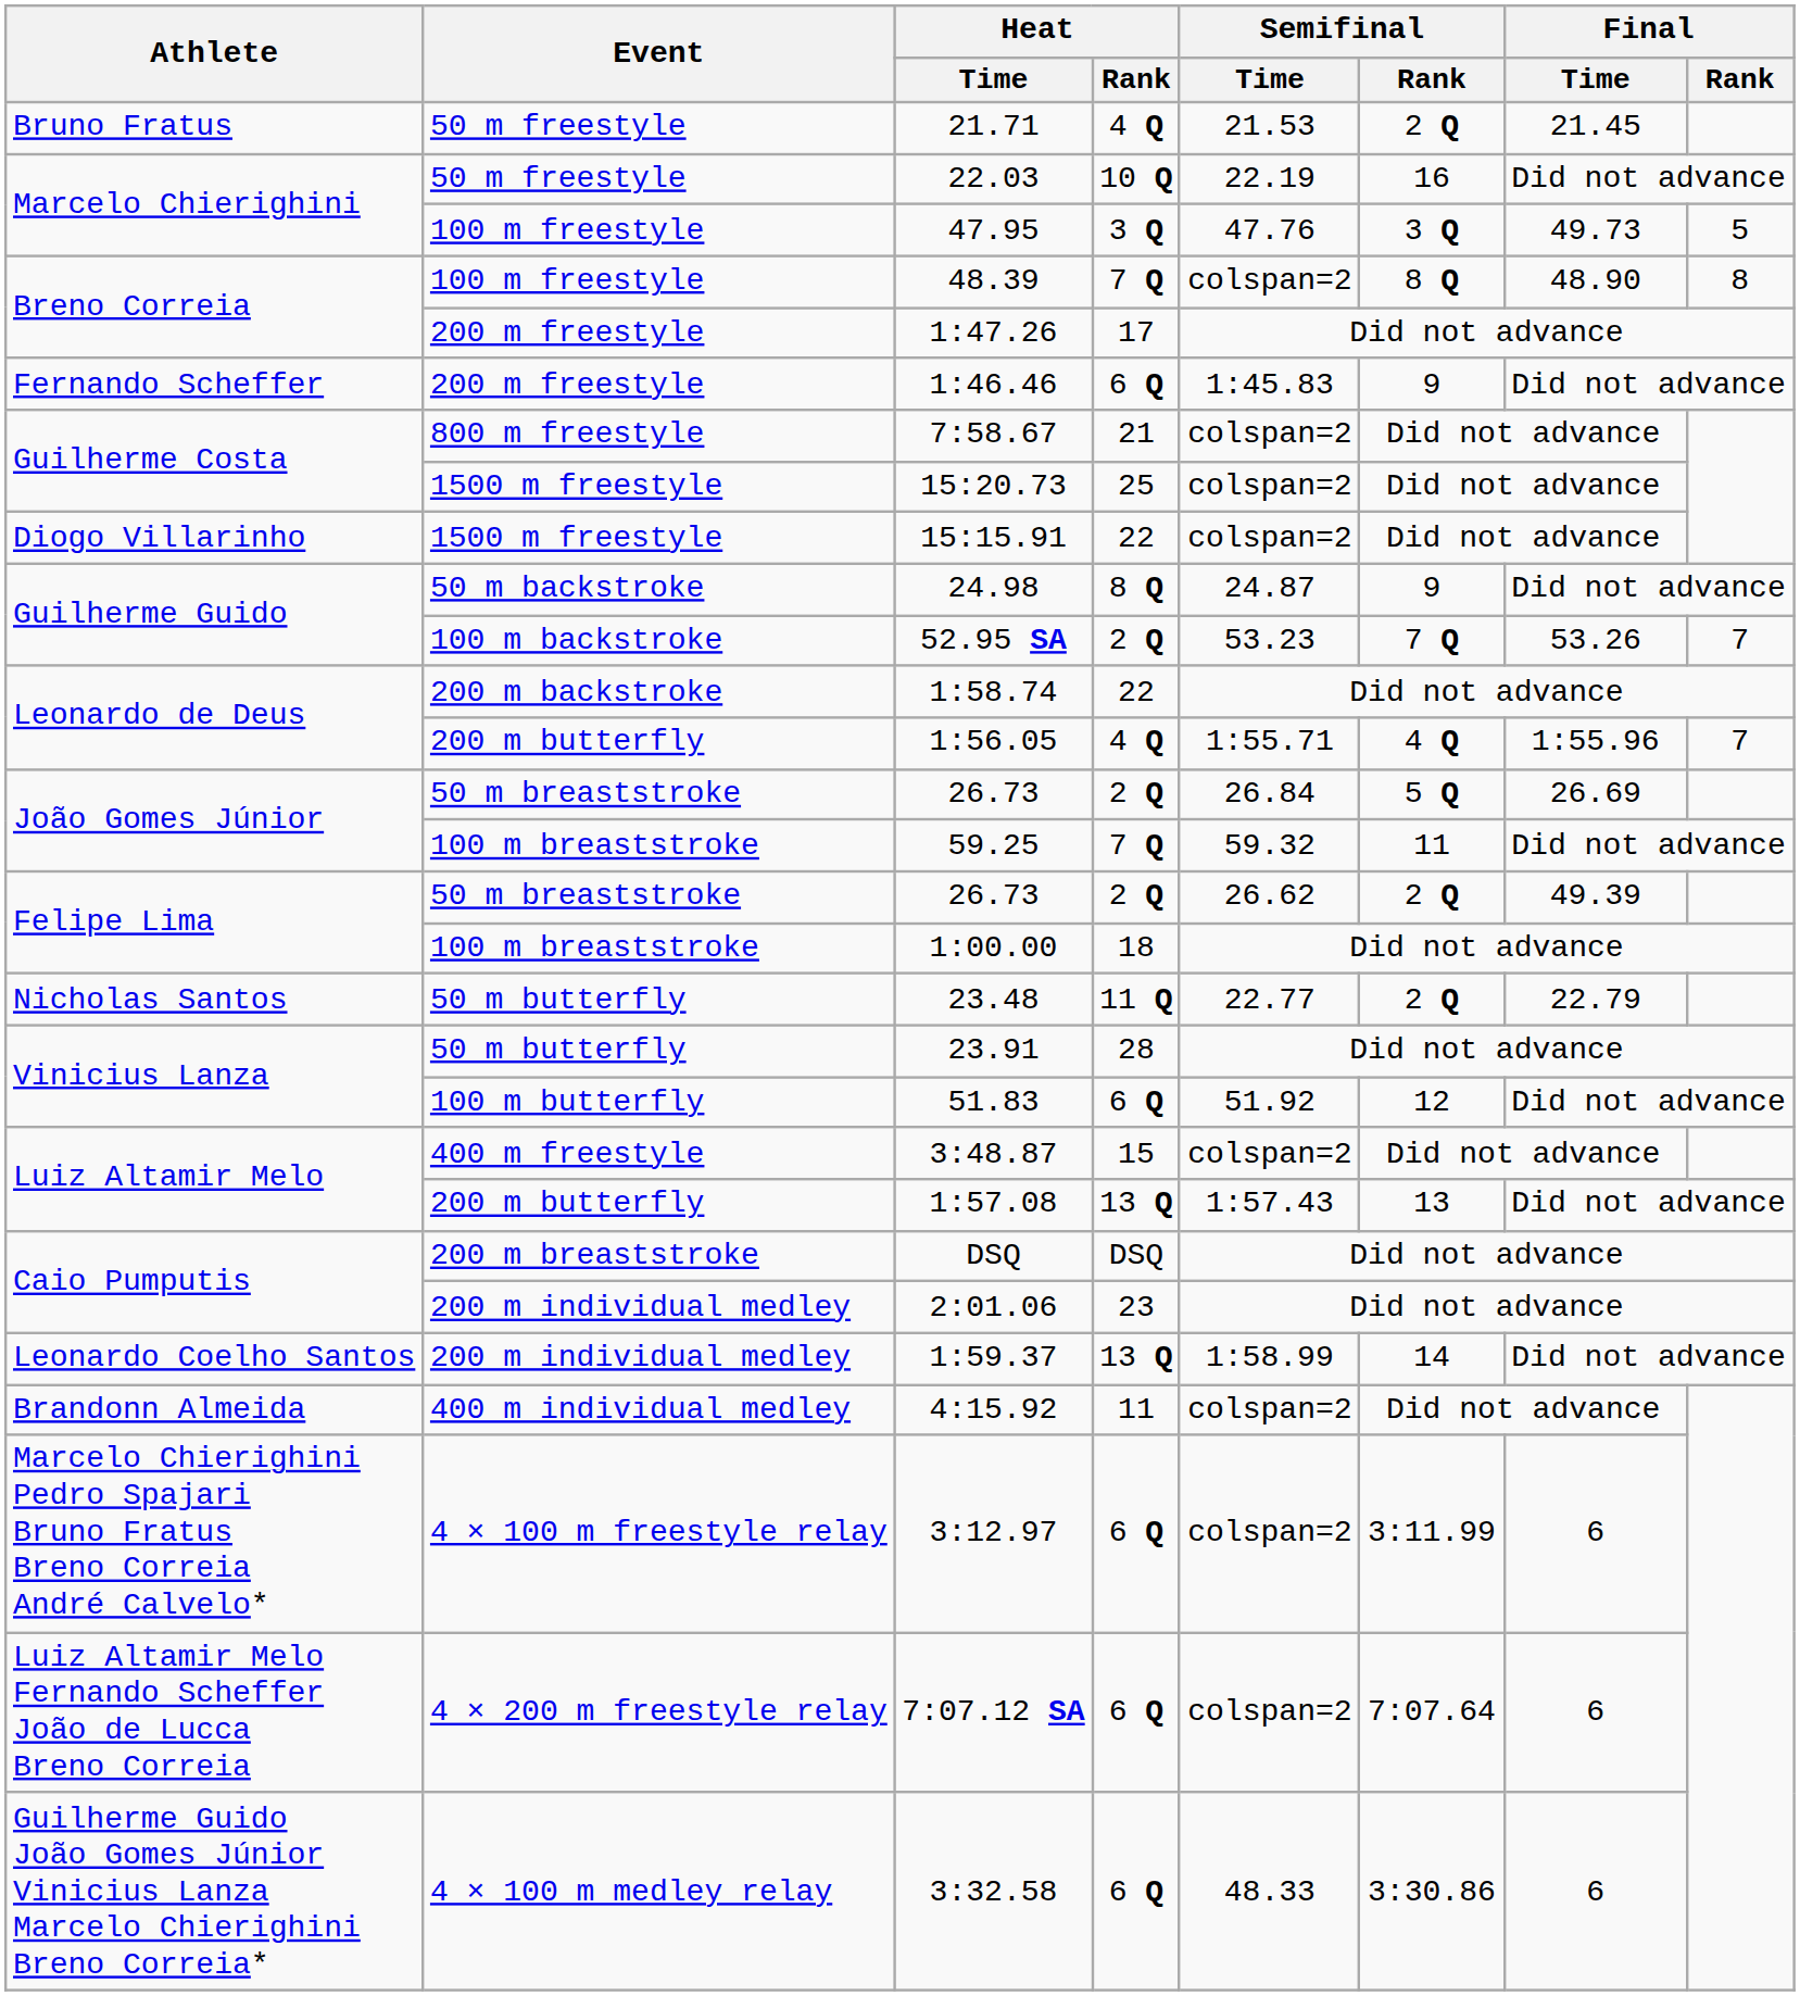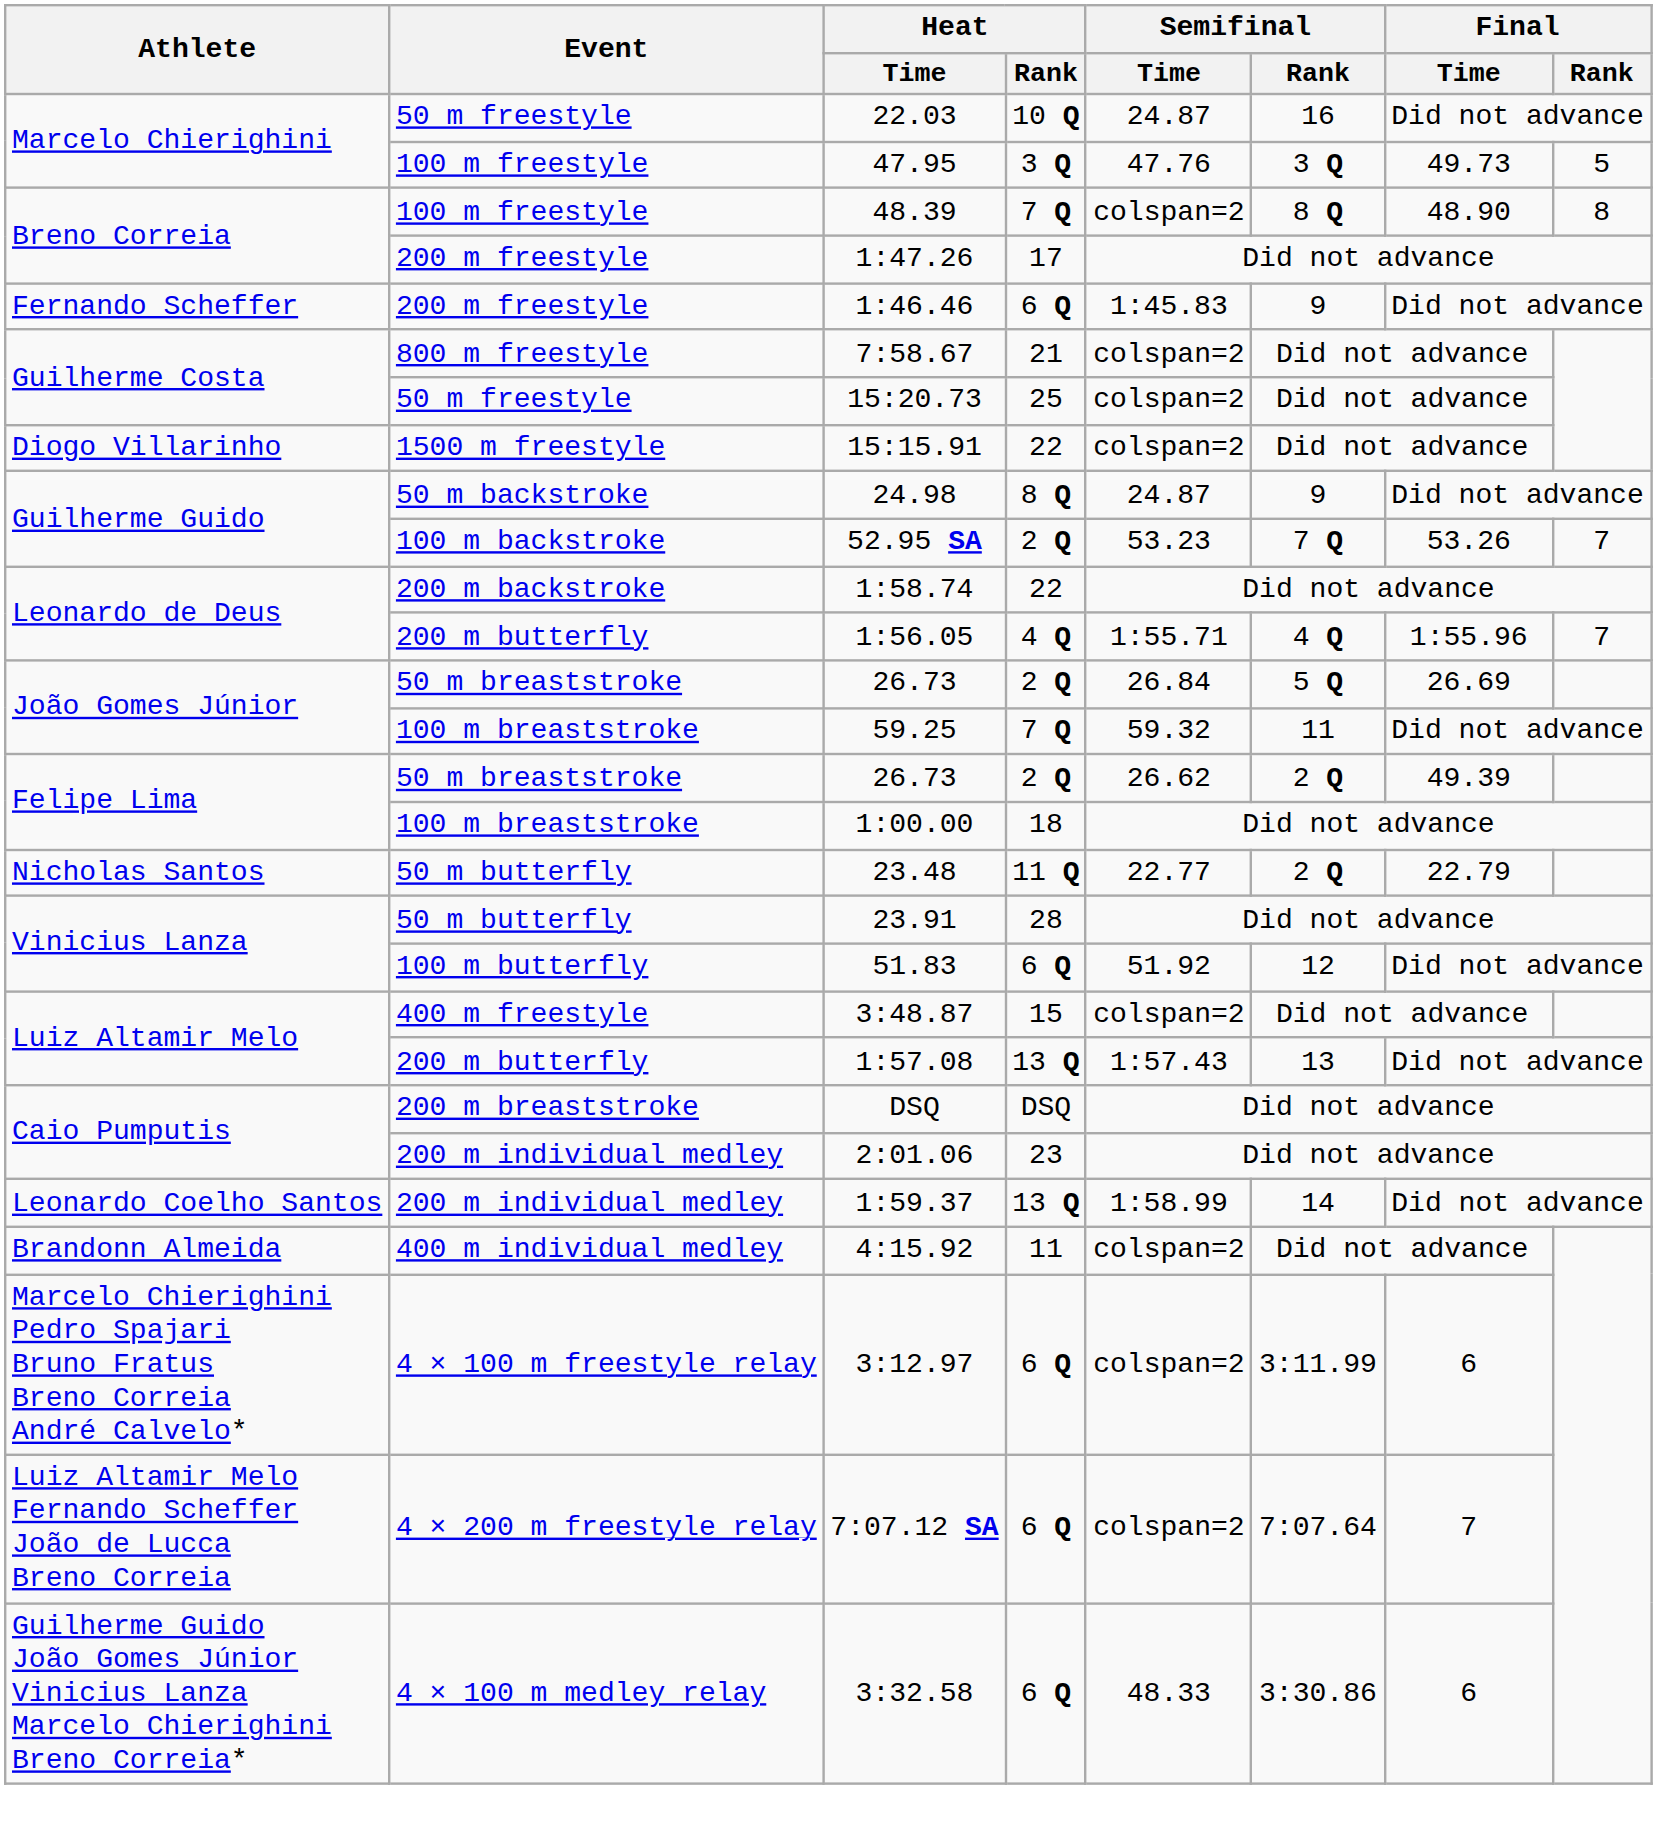 <table class=wikitable style="font-size:90%">
 <tr>
 <th rowspan="2">Athlete</th>
 <th rowspan="2">Event</th>
 <th colspan="2">Heat</th>
 <th colspan="2">Semifinal</th>
 <th colspan="2">Final</th>
 </tr>
 <tr style="font-size:95%">
 <th>Time</th>
 <th>Rank</th>
 <th>Time</th>
 <th>Rank</th>
 <th>Time</th>
 <th>Rank</th>
 </tr>
 <tr align=center>
-<td align=left><a href='#'>Bruno Fratus</a></td>
-<td align=left><a href='#'>50 m freestyle</a></td>
-<td>21.71</td>
-<td>4 <strong>Q</strong></td>
-<td>21.53</td>
-<td>2 <strong>Q</strong></td>
-<td>21.45</td>
-<td></td>
-</tr>
-<tr align=center>
 <td align=left rowspan=2><a href='#'>Marcelo Chierighini</a></td>
 <td align=left><a href='#'>50 m freestyle</a></td>
 <td>22.03</td>
 <td>10 <strong>Q</strong></td>
-<td>22.19</td>
+<td>24.87</td>
 <td>16</td>
 <td colspan=2>Did not advance</td>
 </tr>
 <tr align=center>
 <td align=left><a href='#'>100 m freestyle</a></td>
 <td>47.95</td>
 <td>3 <strong>Q</strong></td>
 <td>47.76</td>
 <td>3 <strong>Q</strong></td>
 <td>49.73</td>
 <td>5</td>
 </tr>
 <tr align=center>
 <td align=left rowspan=2><a href='#'>Breno Correia</a></td>
 <td align=left><a href='#'>100 m freestyle</a></td>
 <td>48.39</td>
 <td>7 <strong>Q</strong></td>
 <td>colspan=2 </td>
 <td>8 <strong>Q</strong></td>
 <td>48.90</td>
 <td>8</td>
 </tr>
 <tr align=center>
 <td align=left><a href='#'>200 m freestyle</a></td>
 <td>1:47.26</td>
 <td>17</td>
 <td colspan=4>Did not advance</td>
 </tr>
 <tr align=center>
 <td align=left><a href='#'>Fernando Scheffer</a></td>
 <td align=left><a href='#'>200 m freestyle</a></td>
 <td>1:46.46</td>
 <td>6 <strong>Q</strong></td>
 <td>1:45.83</td>
 <td>9</td>
 <td colspan=2>Did not advance</td>
 </tr>
 <tr align=center>
 <td align=left rowspan=2><a href='#'>Guilherme Costa</a></td>
 <td align=left><a href='#'>800 m freestyle</a></td>
 <td>7:58.67</td>
 <td>21</td>
 <td>colspan=2</td>
 <td colspan=2>Did not advance</td>
 </tr>
 <tr align=center>
-<td align=left><a href='#'>1500 m freestyle</a></td>
+<td align=left><a href='#'>50 m freestyle</a></td>
 <td>15:20.73</td>
 <td>25</td>
 <td>colspan=2</td>
 <td colspan=2>Did not advance</td>
 </tr>
 <tr align=center>
 <td align=left><a href='#'>Diogo Villarinho</a></td>
 <td align=left><a href='#'>1500 m freestyle</a></td>
 <td>15:15.91</td>
 <td>22</td>
 <td>colspan=2</td>
 <td colspan=2>Did not advance</td>
 </tr>
 <tr align=center>
 <td align=left rowspan=2><a href='#'>Guilherme Guido</a></td>
 <td align=left><a href='#'>50 m backstroke</a></td>
 <td>24.98</td>
 <td>8 <strong>Q</strong></td>
 <td>24.87</td>
 <td>9</td>
 <td colspan=2>Did not advance</td>
 </tr>
 <tr align=center>
 <td align=left><a href='#'>100 m backstroke</a></td>
 <td>52.95 <strong><a href='#'>SA</a></strong></td>
 <td>2 <strong>Q</strong></td>
 <td>53.23</td>
 <td>7 <strong>Q</strong></td>
 <td>53.26</td>
 <td>7</td>
 </tr>
 <tr align=center>
 <td align=left rowspan=2><a href='#'>Leonardo de Deus</a></td>
 <td align=left><a href='#'>200 m backstroke</a></td>
 <td>1:58.74</td>
 <td>22</td>
 <td colspan=4>Did not advance</td>
 </tr>
 <tr align=center>
 <td align=left><a href='#'>200 m butterfly</a></td>
 <td>1:56.05</td>
 <td>4 <strong>Q</strong></td>
 <td>1:55.71</td>
 <td>4 <strong>Q</strong></td>
 <td>1:55.96</td>
 <td>7</td>
 </tr>
 <tr align=center>
 <td align=left rowspan=2><a href='#'>João Gomes Júnior</a></td>
 <td align=left><a href='#'>50 m breaststroke</a></td>
 <td>26.73</td>
 <td>2 <strong>Q</strong></td>
 <td>26.84</td>
 <td>5 <strong>Q</strong></td>
 <td>26.69</td>
 <td></td>
 </tr>
 <tr align=center>
 <td align=left><a href='#'>100 m breaststroke</a></td>
 <td>59.25</td>
 <td>7 <strong>Q</strong></td>
 <td>59.32</td>
 <td>11</td>
 <td colspan=2>Did not advance</td>
 </tr>
 <tr align=center>
 <td align=left rowspan=2><a href='#'>Felipe Lima</a></td>
 <td align=left><a href='#'>50 m breaststroke</a></td>
 <td>26.73</td>
 <td>2 <strong>Q</strong></td>
 <td>26.62</td>
 <td>2 <strong>Q</strong></td>
 <td>49.39</td>
 <td></td>
 </tr>
 <tr align=center>
 <td align=left><a href='#'>100 m breaststroke</a></td>
 <td>1:00.00</td>
 <td>18</td>
 <td colspan=4>Did not advance</td>
 </tr>
 <tr align=center>
 <td align=left><a href='#'>Nicholas Santos</a></td>
 <td align=left><a href='#'>50 m butterfly</a></td>
 <td>23.48</td>
 <td>11 <strong>Q</strong></td>
 <td>22.77</td>
 <td>2 <strong>Q</strong></td>
 <td>22.79</td>
 <td></td>
 </tr>
 <tr align=center>
 <td align=left rowspan=2><a href='#'>Vinicius Lanza</a></td>
 <td align=left><a href='#'>50 m butterfly</a></td>
 <td>23.91</td>
 <td>28</td>
 <td colspan=4>Did not advance</td>
 </tr>
 <tr align=center>
 <td align=left><a href='#'>100 m butterfly</a></td>
 <td>51.83</td>
 <td>6 <strong>Q</strong></td>
 <td>51.92</td>
 <td>12</td>
 <td colspan=2>Did not advance</td>
 </tr>
 <tr align=center>
 <td align=left rowspan=2><a href='#'>Luiz Altamir Melo</a></td>
 <td align=left><a href='#'>400 m freestyle</a></td>
 <td>3:48.87</td>
 <td>15</td>
 <td>colspan=2</td>
 <td colspan=2>Did not advance</td>
 </tr>
 <tr align=center>
 <td align=left><a href='#'>200 m butterfly</a></td>
 <td>1:57.08</td>
 <td>13 <strong>Q</strong></td>
 <td>1:57.43</td>
 <td>13</td>
 <td colspan=2>Did not advance</td>
 </tr>
 <tr align=center>
 <td align=left rowspan=2><a href='#'>Caio Pumputis</a></td>
 <td align=left><a href='#'>200 m breaststroke</a></td>
 <td>DSQ</td>
 <td>DSQ</td>
 <td colspan=4>Did not advance</td>
 </tr>
 <tr align=center>
 <td align=left><a href='#'>200 m individual medley</a></td>
 <td>2:01.06</td>
 <td>23</td>
 <td colspan=4>Did not advance</td>
 </tr>
 <tr align=center>
 <td align=left><a href='#'>Leonardo Coelho Santos</a></td>
 <td align=left><a href='#'>200 m individual medley</a></td>
 <td>1:59.37</td>
 <td>13 <strong>Q</strong></td>
 <td>1:58.99</td>
 <td>14</td>
 <td colspan=2>Did not advance</td>
 </tr>
 <tr align=center>
 <td align=left><a href='#'>Brandonn Almeida</a></td>
 <td align=left><a href='#'>400 m individual medley</a></td>
 <td>4:15.92</td>
 <td>11</td>
 <td>colspan=2</td>
 <td colspan=2>Did not advance</td>
 </tr>
 <tr align=center>
 <td align=left><a href='#'>Marcelo Chierighini</a><br><a href='#'>Pedro Spajari</a><br><a href='#'>Bruno Fratus</a><br><a href='#'>Breno Correia</a><br><a href='#'>André Calvelo</a>*</td>
 <td align=left><a href='#'>4 × 100 m freestyle relay</a></td>
 <td>3:12.97</td>
 <td>6 <strong>Q</strong></td>
 <td>colspan=2 </td>
 <td>3:11.99</td>
 <td>6</td>
 </tr>
 <tr align=center>
 <td align=left><a href='#'>Luiz Altamir Melo</a><br><a href='#'>Fernando Scheffer</a><br><a href='#'>João de Lucca</a><br><a href='#'>Breno Correia</a></td>
 <td align=left><a href='#'>4 × 200 m freestyle relay</a></td>
 <td>7:07.12 <strong><a href='#'>SA</a></strong></td>
 <td>6 <strong>Q</strong></td>
 <td>colspan=2 </td>
 <td>7:07.64</td>
-<td>6</td>
+<td>7</td>
 </tr>
 <tr align=center>
 <td align=left><a href='#'>Guilherme Guido</a><br><a href='#'>João Gomes Júnior</a><br><a href='#'>Vinicius Lanza</a><br><a href='#'>Marcelo Chierighini</a><br><a href='#'>Breno Correia</a>*</td>
 <td align=left><a href='#'>4 × 100 m medley relay</a></td>
 <td>3:32.58</td>
 <td>6 <strong>Q</strong></td>
 <td>48.33</td>
 <td>3:30.86</td>
 <td>6</td>
 </tr>
 </table>
